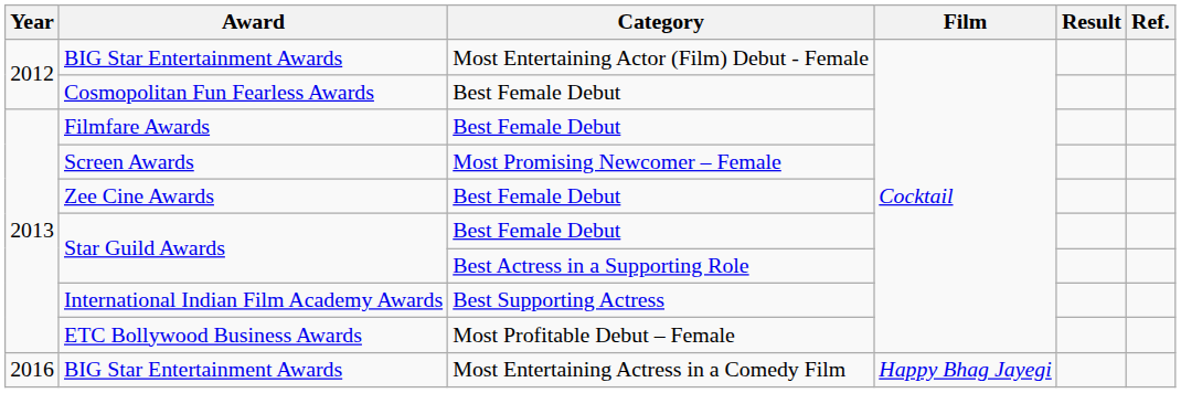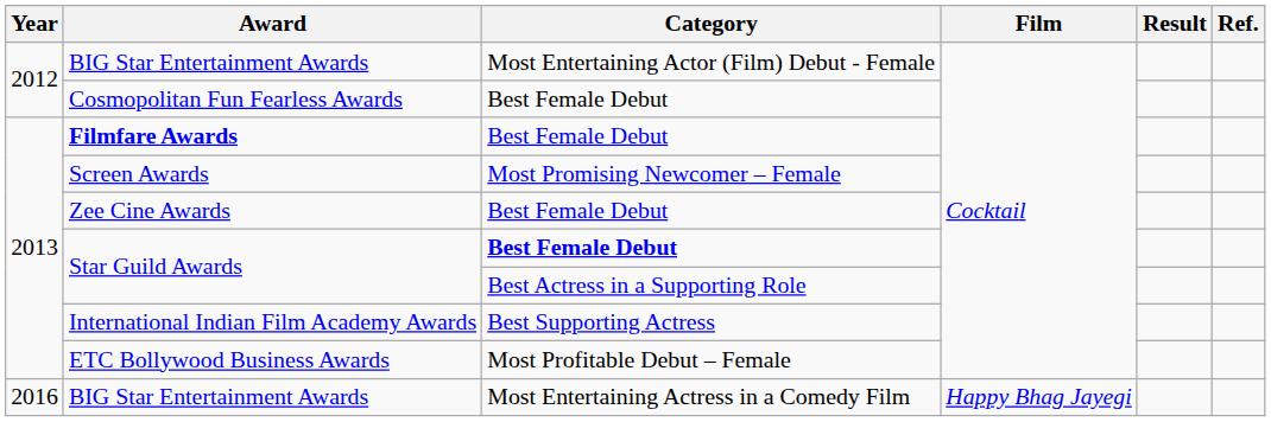 <table class="wikitable">
 <tr>
 <th>Year</th>
 <th>Award</th>
 <th>Category</th>
 <th>Film</th>
 <th>Result</th>
 <th>Ref.</th>
 </tr>
 <tr>
 <td rowspan="2">2012</td>
 <td><a href='#'>BIG Star Entertainment Awards</a></td>
 <td>Most Entertaining Actor (Film) Debut - Female</td>
 <td rowspan="9"><em><a href='#'>Cocktail</a></em></td>
 <td></td>
 <td></td>
 </tr>
 <tr>
 <td><a href='#'> Cosmopolitan Fun Fearless Awards</a></td>
 <td>Best Female Debut</td>
 <td></td>
 <td></td>
 </tr>
 <tr>
 <td rowspan="7">2013</td>
-<td><a href='#'>Filmfare Awards</a></td>
+<td><strong><a href='#'>Filmfare Awards</a></strong></td>
 <td><a href='#'>Best Female Debut</a></td>
 <td></td>
 <td></td>
 </tr>
 <tr>
 <td><a href='#'>Screen Awards</a></td>
 <td><a href='#'>Most Promising Newcomer – Female</a></td>
 <td></td>
 <td></td>
 </tr>
 <tr>
 <td><a href='#'>Zee Cine Awards</a></td>
 <td><a href='#'>Best Female Debut</a></td>
 <td></td>
 <td></td>
 </tr>
 <tr>
 <td rowspan="2"><a href='#'>Star Guild Awards</a></td>
-<td><a href='#'>Best Female Debut</a></td>
+<td><strong><a href='#'>Best Female Debut</a></strong></td>
 <td></td>
 <td></td>
 </tr>
 <tr>
 <td><a href='#'>Best Actress in a Supporting Role</a></td>
 <td></td>
 <td></td>
 </tr>
 <tr>
 <td><a href='#'>International Indian Film Academy Awards</a></td>
 <td><a href='#'>Best Supporting Actress</a></td>
 <td></td>
 <td></td>
 </tr>
 <tr>
 <td><a href='#'>ETC Bollywood Business Awards</a></td>
 <td>Most Profitable Debut – Female</td>
 <td></td>
 <td></td>
 </tr>
 <tr>
 <td>2016</td>
 <td><a href='#'>BIG Star Entertainment Awards</a></td>
 <td>Most Entertaining Actress in a Comedy Film</td>
 <td><em><a href='#'>Happy Bhag Jayegi</a></em></td>
 <td></td>
 <td></td>
 </tr>
 </table>
